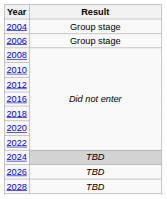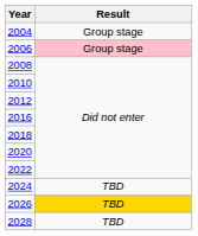 <table class="wikitable" style="text-align: center; font-size:90%">
 <tr>
 <th>Year</th>
 <th style="width:200px">Result</th>
 </tr>
 <tr>
 <td> <a href='#'>2004</a></td>
 <td>Group stage</td>
 </tr>
 <tr>
 <td> <a href='#'>2006</a></td>
-<td>Group stage</td>
+<td style="background: pink;">Group stage</td>
 </tr>
 <tr>
 <td> <a href='#'>2008</a></td>
 <td rowspan="7"><em>Did not enter</em></td>
 </tr>
 <tr>
 <td> <a href='#'>2010</a></td>
 </tr>
 <tr>
 <td> <a href='#'>2012</a></td>
 </tr>
 <tr>
 <td> <a href='#'>2016</a></td>
 </tr>
 <tr>
 <td> <a href='#'>2018</a></td>
 </tr>
 <tr>
 <td> <a href='#'>2020</a></td>
 </tr>
 <tr>
 <td> <a href='#'>2022</a></td>
 </tr>
 <tr>
 <td> <a href='#'>2024</a></td>
-<td style="background: lightgrey;"><em>TBD</em></td>
+<td><em>TBD</em></td>
 </tr>
 <tr>
 <td> <a href='#'>2026</a></td>
-<td><em>TBD</em></td>
+<td style="background: gold;"><em>TBD</em></td>
 </tr>
 <tr>
 <td> <a href='#'>2028</a></td>
 <td><em>TBD</em></td>
 </tr>
 </table>
